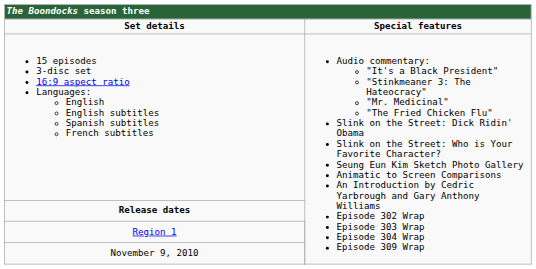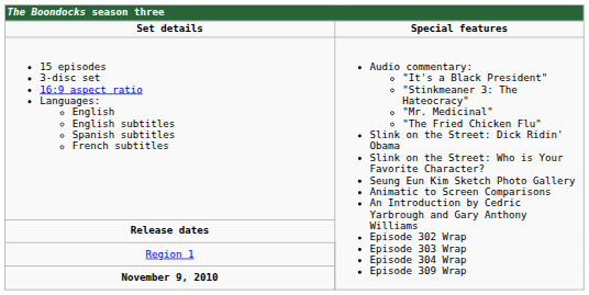 <table class="wikitable" style="font-size:95%;">
 <tr>
 <td colspan="5" style="background:#296438; color: #ffffff;"><strong><em>The Boondocks</em></strong> <strong>season three</strong></td>
 </tr>
 <tr style="vertical-align:top; text-align:center;">
 <td style="width:400px;" colspan="3"><strong>Set details </strong></td>
 <td style="width:300px; "><strong>Special features</strong></td>
 </tr>
 <tr valign="top">
 <td colspan="3"  style="text-align:left; width:400px;"><br><ul><li>15 episodes</li><li>3-disc set</li><li><a href='#'>16:9 aspect ratio</a></li><li>Languages:<ul><li>English</li><li>English subtitles</li><li>Spanish subtitles</li><li>French subtitles</li></ul></li></ul></td>
 <td rowspan="4"  style="text-align:left; width:300px;"><br><ul><li>Audio commentary:<ul><li>"It's a Black President"</li><li>"Stinkmeaner 3: The Hateocracy"</li><li>"Mr. Medicinal"</li><li>"The Fried Chicken Flu"</li></ul></li><li>Slink on the Street: Dick Ridin' Obama</li><li>Slink on the Street: Who is Your Favorite Character?</li><li>Seung Eun Kim Sketch Photo Gallery</li><li>Animatic to Screen Comparisons</li><li>An Introduction by Cedric Yarbrough and Gary Anthony Williams</li><li>Episode 302 Wrap</li><li>Episode 303 Wrap</li><li>Episode 304 Wrap</li><li>Episode 309 Wrap</li></ul></td>
 </tr>
 <tr>
 <td colspan="3" style="text-align:center;"><strong>Release dates</strong></td>
 </tr>
 <tr>
 <td style="text-align:center;"><a href='#'>Region 1</a></td>
 </tr>
 <tr>
-<td style="text-align:center;">November 9, 2010</td>
+<td style="text-align:center;"><strong>November 9, 2010</strong></td>
 </tr>
 </table>
